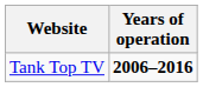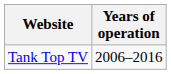 <table class="wikitable">
 <tr>
 <th>Website</th>
 <th>Years of<br>operation</th>
 </tr>
 <tr>
 <td><a href='#'>Tank Top TV</a></td>
-<td><strong>2006–2016</strong></td>
+<td>2006–2016</td>
 </tr>
 </table>
